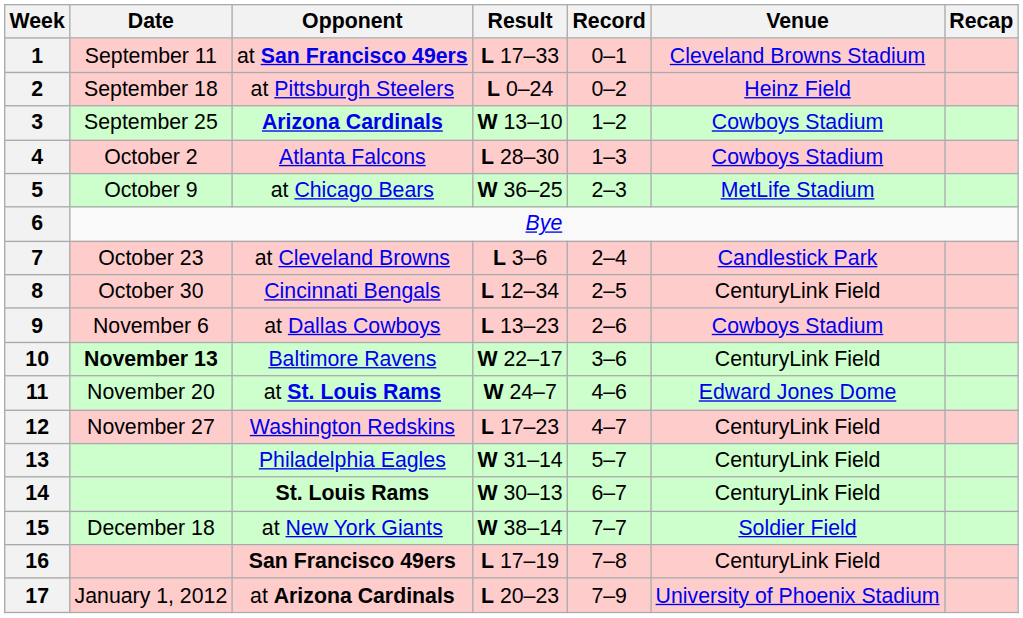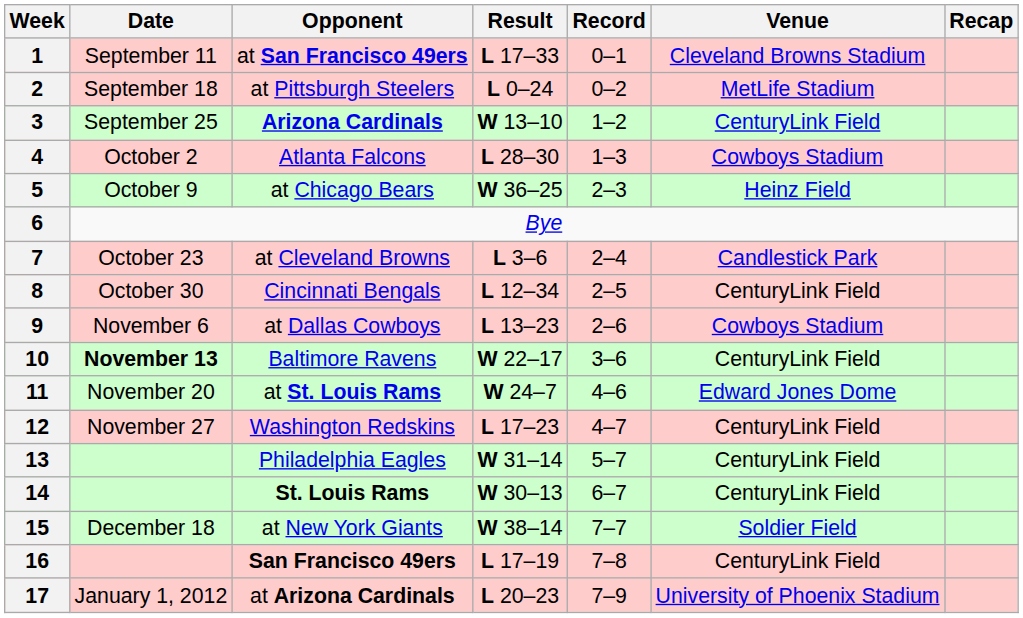 <table class="wikitable" style="text-align:center">
 <tr>
 <th>Week</th>
 <th>Date</th>
 <th>Opponent</th>
 <th>Result</th>
 <th>Record</th>
 <th>Venue</th>
 <th>Recap</th>
 </tr>
 <tr style="background:#fcc">
 <th>1</th>
 <td>September 11</td>
 <td>at <strong><a href='#'>San Francisco 49ers</a></strong></td>
 <td><strong>L</strong> 17–33</td>
 <td>0–1</td>
 <td><a href='#'>Cleveland Browns Stadium</a></td>
 <td></td>
 </tr>
 <tr style="background:#fcc">
 <th>2</th>
 <td>September 18</td>
 <td>at <a href='#'>Pittsburgh Steelers</a></td>
 <td><strong>L</strong> 0–24</td>
 <td>0–2</td>
-<td><a href='#'>Heinz Field</a></td>
+<td><a href='#'>MetLife Stadium</a></td>
 <td></td>
 </tr>
 <tr style="background:#cfc">
 <th>3</th>
 <td>September 25</td>
 <td><strong><a href='#'>Arizona Cardinals</a></strong></td>
 <td><strong>W</strong> 13–10</td>
 <td>1–2</td>
-<td><a href='#'>Cowboys Stadium</a></td>
+<td><a href='#'>CenturyLink Field</a></td>
 <td></td>
 </tr>
 <tr style="background:#fcc">
 <th>4</th>
 <td>October 2</td>
 <td><a href='#'>Atlanta Falcons</a></td>
 <td><strong>L</strong> 28–30</td>
 <td>1–3</td>
 <td><a href='#'>Cowboys Stadium</a></td>
 <td></td>
 </tr>
 <tr style="background:#cfc">
 <th>5</th>
 <td>October 9</td>
 <td>at <a href='#'>Chicago Bears</a></td>
 <td><strong>W</strong> 36–25</td>
 <td>2–3</td>
-<td><a href='#'>MetLife Stadium</a></td>
+<td><a href='#'>Heinz Field</a></td>
 <td></td>
 </tr>
 <tr>
 <th>6</th>
 <td colspan="6"><em><a href='#'>Bye</a></em></td>
 </tr>
 <tr style="background:#fcc">
 <th>7</th>
 <td>October 23</td>
 <td>at <a href='#'>Cleveland Browns</a></td>
 <td><strong>L</strong> 3–6</td>
 <td>2–4</td>
 <td><a href='#'>Candlestick Park</a></td>
 <td></td>
 </tr>
 <tr style="background:#fcc">
 <th>8</th>
 <td>October 30</td>
 <td><a href='#'>Cincinnati Bengals</a></td>
 <td><strong>L</strong> 12–34</td>
 <td>2–5</td>
 <td>CenturyLink Field</td>
 <td></td>
 </tr>
 <tr style="background:#fcc">
 <th>9</th>
 <td>November 6</td>
 <td>at <a href='#'>Dallas Cowboys</a></td>
 <td><strong>L</strong> 13–23</td>
 <td>2–6</td>
 <td><a href='#'>Cowboys Stadium</a></td>
 <td></td>
 </tr>
 <tr style="background:#cfc">
 <th>10</th>
 <td><strong>November 13</strong></td>
 <td><a href='#'>Baltimore Ravens</a></td>
 <td><strong>W</strong> 22–17</td>
 <td>3–6</td>
 <td>CenturyLink Field</td>
 <td></td>
 </tr>
 <tr style="background:#cfc">
 <th>11</th>
 <td>November 20</td>
 <td>at <strong><a href='#'>St. Louis Rams</a></strong></td>
 <td><strong>W</strong> 24–7</td>
 <td>4–6</td>
 <td><a href='#'>Edward Jones Dome</a></td>
 <td></td>
 </tr>
 <tr style="background:#fcc">
 <th>12</th>
 <td>November 27</td>
 <td><a href='#'>Washington Redskins</a></td>
 <td><strong>L</strong> 17–23</td>
 <td>4–7</td>
 <td>CenturyLink Field</td>
 <td></td>
 </tr>
 <tr style="background:#cfc">
 <th>13</th>
 <td></td>
 <td><a href='#'>Philadelphia Eagles</a></td>
 <td><strong>W</strong> 31–14</td>
 <td>5–7</td>
 <td>CenturyLink Field</td>
 <td></td>
 </tr>
 <tr style="background:#cfc">
 <th>14</th>
 <td></td>
 <td><strong>St. Louis Rams</strong></td>
 <td><strong>W</strong> 30–13</td>
 <td>6–7</td>
 <td>CenturyLink Field</td>
 <td></td>
 </tr>
 <tr style="background:#cfc">
 <th>15</th>
 <td>December 18</td>
 <td>at <a href='#'>New York Giants</a></td>
 <td><strong>W</strong> 38–14</td>
 <td>7–7</td>
 <td><a href='#'>Soldier Field</a></td>
 <td></td>
 </tr>
 <tr style="background:#fcc">
 <th>16</th>
 <td></td>
 <td><strong>San Francisco 49ers</strong></td>
 <td><strong>L</strong> 17–19</td>
 <td>7–8</td>
 <td>CenturyLink Field</td>
 <td></td>
 </tr>
 <tr style="background:#fcc">
 <th>17</th>
 <td>January 1, 2012</td>
 <td>at <strong>Arizona Cardinals</strong></td>
 <td><strong>L</strong> 20–23 </td>
 <td>7–9</td>
 <td><a href='#'>University of Phoenix Stadium</a></td>
 <td></td>
 </tr>
 </table>
